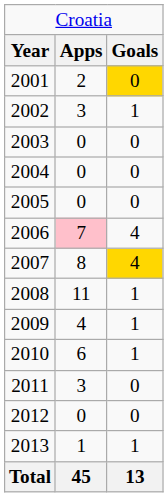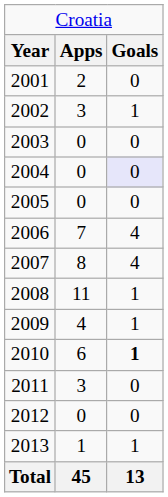 <table class="wikitable" style="text-align:center">
 <tr>
 <td colspan=9><a href='#'>Croatia</a></td>
 </tr>
 <tr>
 <th>Year</th>
 <th>Apps</th>
 <th>Goals</th>
 </tr>
 <tr>
 <td>2001</td>
 <td>2</td>
-<td style="background: gold;">0</td>
+<td>0</td>
 </tr>
 <tr>
 <td>2002</td>
 <td>3</td>
 <td>1</td>
 </tr>
 <tr>
 <td>2003</td>
 <td>0</td>
 <td>0</td>
 </tr>
 <tr>
 <td>2004</td>
 <td>0</td>
-<td>0</td>
+<td style="background: lavender;">0</td>
 </tr>
 <tr>
 <td>2005</td>
 <td>0</td>
 <td>0</td>
 </tr>
 <tr>
 <td>2006</td>
-<td style="background: pink;">7</td>
+<td>7</td>
 <td>4</td>
 </tr>
 <tr>
 <td>2007</td>
 <td>8</td>
-<td style="background: gold;">4</td>
+<td>4</td>
 </tr>
 <tr>
 <td>2008</td>
 <td>11</td>
 <td>1</td>
 </tr>
 <tr>
 <td>2009</td>
 <td>4</td>
 <td>1</td>
 </tr>
 <tr>
 <td>2010</td>
 <td>6</td>
-<td>1</td>
+<td><strong>1</strong></td>
 </tr>
 <tr>
 <td>2011</td>
 <td>3</td>
 <td>0</td>
 </tr>
 <tr>
 <td>2012</td>
 <td>0</td>
 <td>0</td>
 </tr>
 <tr>
 <td>2013</td>
 <td>1</td>
 <td>1</td>
 </tr>
 <tr>
 <th>Total</th>
 <th>45</th>
 <th>13</th>
 </tr>
 </table>
